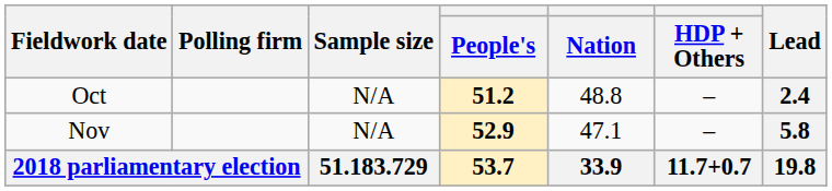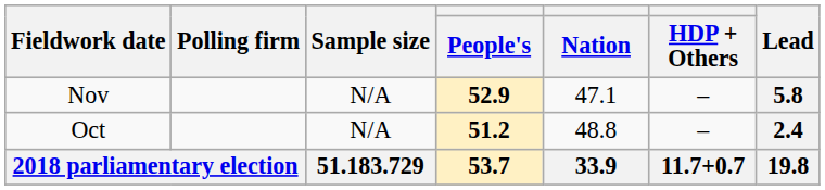 <table class="wikitable mw-datatable mw-collapsible mw-collapsed" style="text-align:center; font-size:85%; line-height:14px;">
 <tr>
 <th rowspan="2">Fieldwork date</th>
 <th rowspan="2">Polling firm</th>
 <th rowspan="2">Sample size</th>
 <th style="background:"></th>
 <th style="background:"></th>
 <th style="background:"></th>
 <th rowspan="2">Lead</th>
 </tr>
 <tr>
 <th style="width:4em;"><a href='#'>People's</a></th>
 <th style="width:4em;"><a href='#'>Nation</a></th>
 <th style="width:4em;"><a href='#'>HDP</a> + Others</th>
 </tr>
 <tr>
+<td>Nov</td>
+<td></td>
+<td>N/A</td>
+<td style="background:#FFF1C4"><strong>52.9</strong></td>
+<td>47.1</td>
+<td>–</td>
+<th style="background:">5.8</th>
+</tr>
+<tr>
 <td>Oct</td>
 <td></td>
 <td>N/A</td>
 <td style="background:#FFF1C4"><strong>51.2</strong></td>
 <td>48.8</td>
 <td>–</td>
 <th style="background:">2.4</th>
-</tr>
-<tr>
-<td>Nov</td>
-<td></td>
-<td>N/A</td>
-<td style="background:#FFF1C4"><strong>52.9</strong></td>
-<td>47.1</td>
-<td>–</td>
-<th style="background:">5.8</th>
 </tr>
 <tr>
 <th colspan="2" data-sort-value="2018-06-24"><a href='#'>2018 parliamentary election</a></th>
 <th>51.183.729</th>
 <th style="background:#FFF1C4">53.7</th>
 <th>33.9</th>
 <th>11.7+0.7</th>
 <th style="background:">19.8</th>
 </tr>
 </table>
